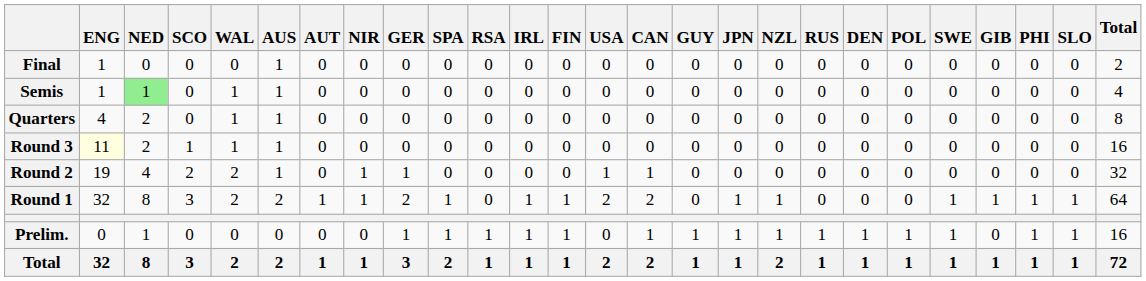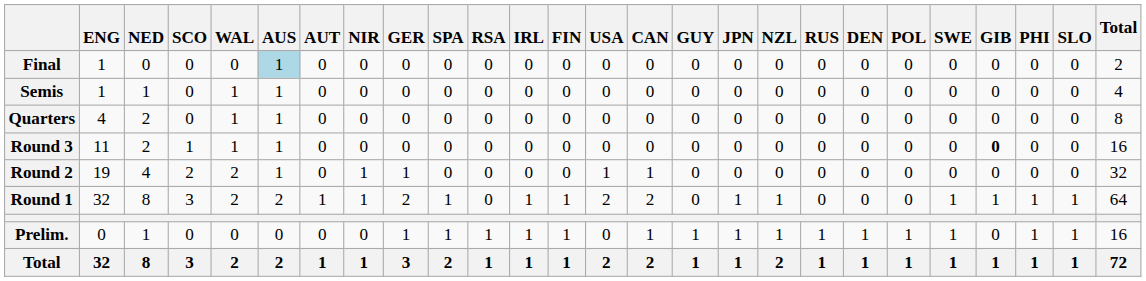 <table class="wikitable">
 <tr>
 <th></th>
 <th> <br>ENG</th>
 <th> <br>NED</th>
 <th> <br>SCO</th>
 <th> <br>WAL</th>
 <th> <br>AUS</th>
 <th> <br>AUT</th>
 <th> <br>NIR</th>
 <th> <br>GER</th>
 <th> <br>SPA</th>
 <th> <br>RSA</th>
 <th> <br>IRL</th>
 <th> <br>FIN</th>
 <th> <br>USA</th>
 <th> <br>CAN</th>
 <th> <br>GUY</th>
 <th> <br>JPN</th>
 <th> <br>NZL</th>
 <th> <br>RUS</th>
 <th> <br>DEN</th>
 <th> <br>POL</th>
 <th> <br>SWE</th>
 <th> <br>GIB</th>
 <th> <br>PHI</th>
 <th> <br>SLO</th>
 <th>Total</th>
 </tr>
 <tr align="center">
 <th>Final</th>
 <td>1</td>
 <td>0</td>
 <td>0</td>
 <td>0</td>
-<td>1</td>
+<td style="background: lightblue;">1</td>
 <td>0</td>
 <td>0</td>
 <td>0</td>
 <td>0</td>
 <td>0</td>
 <td>0</td>
 <td>0</td>
 <td>0</td>
 <td>0</td>
 <td>0</td>
 <td>0</td>
 <td>0</td>
 <td>0</td>
 <td>0</td>
 <td>0</td>
 <td>0</td>
 <td>0</td>
 <td>0</td>
 <td>0</td>
 <td>2</td>
 </tr>
 <tr align="center">
 <th>Semis</th>
 <td>1</td>
-<td style="background: lightgreen;">1</td>
+<td>1</td>
 <td>0</td>
 <td>1</td>
 <td>1</td>
 <td>0</td>
 <td>0</td>
 <td>0</td>
 <td>0</td>
 <td>0</td>
 <td>0</td>
 <td>0</td>
 <td>0</td>
 <td>0</td>
 <td>0</td>
 <td>0</td>
 <td>0</td>
 <td>0</td>
 <td>0</td>
 <td>0</td>
 <td>0</td>
 <td>0</td>
 <td>0</td>
 <td>0</td>
 <td>4</td>
 </tr>
 <tr align="center">
 <th>Quarters</th>
 <td>4</td>
 <td>2</td>
 <td>0</td>
 <td>1</td>
 <td>1</td>
 <td>0</td>
 <td>0</td>
 <td>0</td>
 <td>0</td>
 <td>0</td>
 <td>0</td>
 <td>0</td>
 <td>0</td>
 <td>0</td>
 <td>0</td>
 <td>0</td>
 <td>0</td>
 <td>0</td>
 <td>0</td>
 <td>0</td>
 <td>0</td>
 <td>0</td>
 <td>0</td>
 <td>0</td>
 <td>8</td>
 </tr>
 <tr align="center">
 <th>Round 3</th>
-<td style="background: lightyellow;">11</td>
+<td>11</td>
 <td>2</td>
 <td>1</td>
 <td>1</td>
 <td>1</td>
 <td>0</td>
 <td>0</td>
 <td>0</td>
 <td>0</td>
 <td>0</td>
 <td>0</td>
 <td>0</td>
 <td>0</td>
 <td>0</td>
 <td>0</td>
 <td>0</td>
 <td>0</td>
 <td>0</td>
 <td>0</td>
 <td>0</td>
 <td>0</td>
-<td>0</td>
+<td><strong>0</strong></td>
 <td>0</td>
 <td>0</td>
 <td>16</td>
 </tr>
 <tr align="center">
 <th>Round 2</th>
 <td>19</td>
 <td>4</td>
 <td>2</td>
 <td>2</td>
 <td>1</td>
 <td>0</td>
 <td>1</td>
 <td>1</td>
 <td>0</td>
 <td>0</td>
 <td>0</td>
 <td>0</td>
 <td>1</td>
 <td>1</td>
 <td>0</td>
 <td>0</td>
 <td>0</td>
 <td>0</td>
 <td>0</td>
 <td>0</td>
 <td>0</td>
 <td>0</td>
 <td>0</td>
 <td>0</td>
 <td>32</td>
 </tr>
 <tr align="center">
 <th>Round 1</th>
 <td>32</td>
 <td>8</td>
 <td>3</td>
 <td>2</td>
 <td>2</td>
 <td>1</td>
 <td>1</td>
 <td>2</td>
 <td>1</td>
 <td>0</td>
 <td>1</td>
 <td>1</td>
 <td>2</td>
 <td>2</td>
 <td>0</td>
 <td>1</td>
 <td>1</td>
 <td>0</td>
 <td>0</td>
 <td>0</td>
 <td>1</td>
 <td>1</td>
 <td>1</td>
 <td>1</td>
 <td>64</td>
 </tr>
 <tr align="center">
 <th colspan=1></th>
 <th colspan=24></th>
 <th colspan=1></th>
 </tr>
 <tr align="center">
 <th>Prelim.</th>
 <td>0</td>
 <td>1</td>
 <td>0</td>
 <td>0</td>
 <td>0</td>
 <td>0</td>
 <td>0</td>
 <td>1</td>
 <td>1</td>
 <td>1</td>
 <td>1</td>
 <td>1</td>
 <td>0</td>
 <td>1</td>
 <td>1</td>
 <td>1</td>
 <td>1</td>
 <td>1</td>
 <td>1</td>
 <td>1</td>
 <td>1</td>
 <td>0</td>
 <td>1</td>
 <td>1</td>
 <td>16</td>
 </tr>
 <tr align="center">
 <th>Total</th>
 <th>32</th>
 <th>8</th>
 <th>3</th>
 <th>2</th>
 <th>2</th>
 <th>1</th>
 <th>1</th>
 <th>3</th>
 <th>2</th>
 <th>1</th>
 <th>1</th>
 <th>1</th>
 <th>2</th>
 <th>2</th>
 <th>1</th>
 <th>1</th>
 <th>2</th>
 <th>1</th>
 <th>1</th>
 <th>1</th>
 <th>1</th>
 <th>1</th>
 <th>1</th>
 <th>1</th>
 <th>72</th>
 </tr>
 </table>
